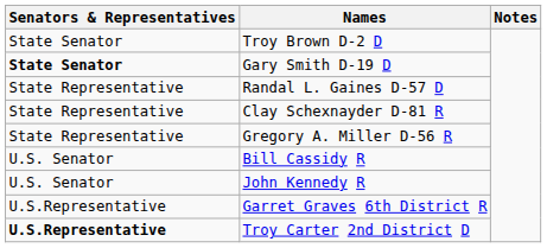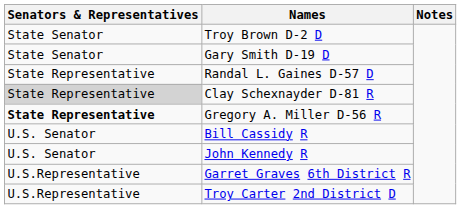 <table class="wikitable">
 <tr>
 <th>Senators & Representatives</th>
 <th>Names</th>
 <th>Notes</th>
 </tr>
 <tr>
 <td>State Senator</td>
 <td>Troy Brown D-2 <a href='#'>D</a></td>
 </tr>
 <tr>
-<td><strong>State Senator</strong></td>
+<td>State Senator</td>
 <td>Gary Smith D-19 <a href='#'>D</a></td>
 </tr>
 <tr>
 <td>State Representative</td>
 <td>Randal L. Gaines D-57 <a href='#'>D</a></td>
 </tr>
 <tr>
-<td>State Representative</td>
+<td style="background: lightgrey;">State Representative</td>
 <td>Clay Schexnayder D-81 <a href='#'>R</a></td>
 </tr>
 <tr>
-<td>State Representative</td>
+<td><strong>State Representative</strong></td>
 <td>Gregory A. Miller D-56 <a href='#'>R</a></td>
 </tr>
 <tr>
 <td>U.S. Senator</td>
 <td><a href='#'>Bill Cassidy</a> <a href='#'>R</a></td>
 </tr>
 <tr>
 <td>U.S. Senator</td>
 <td><a href='#'>John Kennedy</a> <a href='#'>R</a></td>
 </tr>
 <tr>
 <td>U.S.Representative</td>
 <td><a href='#'>Garret Graves</a> <a href='#'>6th District</a> <a href='#'>R</a></td>
 </tr>
 <tr>
-<td><strong>U.S.Representative</strong></td>
+<td>U.S.Representative</td>
 <td><a href='#'>Troy Carter</a> <a href='#'>2nd District</a> <a href='#'>D</a></td>
 </tr>
 </table>
